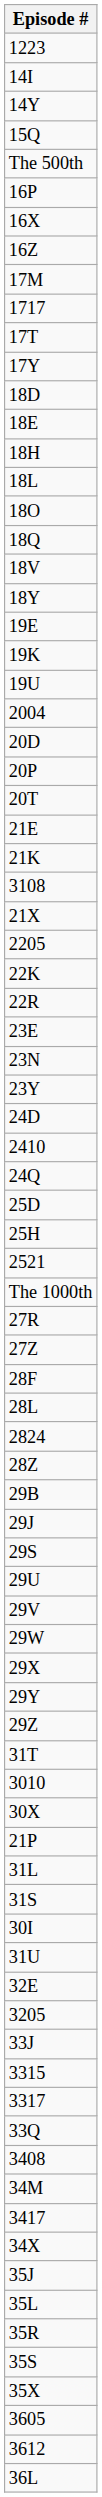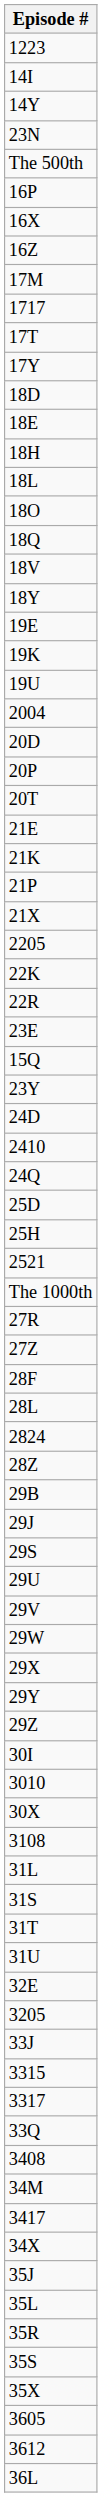 <table class="wikitable sortable">
 <tr>
 <th>Episode #</th>
 </tr>
 <tr>
 <td>1223</td>
 </tr>
 <tr>
 <td>14I</td>
 </tr>
 <tr>
 <td>14Y</td>
 </tr>
 <tr>
-<td>15Q</td>
+<td>23N</td>
 </tr>
 <tr>
 <td>The 500th</td>
 </tr>
 <tr>
 <td>16P</td>
 </tr>
 <tr>
 <td>16X</td>
 </tr>
 <tr>
 <td>16Z</td>
 </tr>
 <tr>
 <td>17M</td>
 </tr>
 <tr>
 <td>1717</td>
 </tr>
 <tr>
 <td>17T</td>
 </tr>
 <tr>
 <td>17Y</td>
 </tr>
 <tr>
 <td>18D</td>
 </tr>
 <tr>
 <td>18E</td>
 </tr>
 <tr>
 <td>18H</td>
 </tr>
 <tr>
 <td>18L</td>
 </tr>
 <tr>
 <td>18O</td>
 </tr>
 <tr>
 <td>18Q</td>
 </tr>
 <tr>
 <td>18V</td>
 </tr>
 <tr>
 <td>18Y</td>
 </tr>
 <tr>
 <td>19E</td>
 </tr>
 <tr>
 <td>19K</td>
 </tr>
 <tr>
 <td>19U</td>
 </tr>
 <tr>
 <td>2004</td>
 </tr>
 <tr>
 <td>20D</td>
 </tr>
 <tr>
 <td>20P</td>
 </tr>
 <tr>
 <td>20T</td>
 </tr>
 <tr>
 <td>21E</td>
 </tr>
 <tr>
 <td>21K</td>
 </tr>
 <tr>
-<td>3108</td>
+<td>21P</td>
 </tr>
 <tr>
 <td>21X</td>
 </tr>
 <tr>
 <td>2205</td>
 </tr>
 <tr>
 <td>22K</td>
 </tr>
 <tr>
 <td>22R</td>
 </tr>
 <tr>
 <td>23E</td>
 </tr>
 <tr>
-<td>23N</td>
+<td>15Q</td>
 </tr>
 <tr>
 <td>23Y</td>
 </tr>
 <tr>
 <td>24D</td>
 </tr>
 <tr>
 <td>2410</td>
 </tr>
 <tr>
 <td>24Q</td>
 </tr>
 <tr>
 <td>25D</td>
 </tr>
 <tr>
 <td>25H</td>
 </tr>
 <tr>
 <td>2521</td>
 </tr>
 <tr>
 <td>The 1000th</td>
 </tr>
 <tr>
 <td>27R</td>
 </tr>
 <tr>
 <td>27Z</td>
 </tr>
 <tr>
 <td>28F</td>
 </tr>
 <tr>
 <td>28L</td>
 </tr>
 <tr>
 <td>2824</td>
 </tr>
 <tr>
 <td>28Z</td>
 </tr>
 <tr>
 <td>29B</td>
 </tr>
 <tr>
 <td>29J</td>
 </tr>
 <tr>
 <td>29S</td>
 </tr>
 <tr>
 <td>29U</td>
 </tr>
 <tr>
 <td>29V</td>
 </tr>
 <tr>
 <td>29W</td>
 </tr>
 <tr>
 <td>29X</td>
 </tr>
 <tr>
 <td>29Y</td>
 </tr>
 <tr>
 <td>29Z</td>
 </tr>
 <tr>
-<td>31T</td>
+<td>30I</td>
 </tr>
 <tr>
 <td>3010</td>
 </tr>
 <tr>
 <td>30X</td>
 </tr>
 <tr>
-<td>21P</td>
+<td>3108</td>
 </tr>
 <tr>
 <td>31L</td>
 </tr>
 <tr>
 <td>31S</td>
 </tr>
 <tr>
-<td>30I</td>
+<td>31T</td>
 </tr>
 <tr>
 <td>31U</td>
 </tr>
 <tr>
 <td>32E</td>
 </tr>
 <tr>
 <td>3205</td>
 </tr>
 <tr>
 <td>33J</td>
 </tr>
 <tr>
 <td>3315</td>
 </tr>
 <tr>
 <td>3317</td>
 </tr>
 <tr>
 <td>33Q</td>
 </tr>
 <tr>
 <td>3408</td>
 </tr>
 <tr>
 <td>34M</td>
 </tr>
 <tr>
 <td>3417</td>
 </tr>
 <tr>
 <td>34X</td>
 </tr>
 <tr>
 <td>35J</td>
 </tr>
 <tr>
 <td>35L</td>
 </tr>
 <tr>
 <td>35R</td>
 </tr>
 <tr>
 <td>35S</td>
 </tr>
 <tr>
 <td>35X</td>
 </tr>
 <tr>
 <td>3605</td>
 </tr>
 <tr>
 <td>3612</td>
 </tr>
 <tr>
 <td>36L</td>
 </tr>
 </table>
